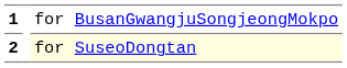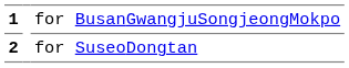 <table border="1" cellspacing="0" cellpadding="3" frame="hsides" rules="rows">
 <tr>
 <th>1</th>
 <td rowspan="3"></td>
 <td>for <a href='#'>Busan</a><a href='#'>GwangjuSongjeong</a><a href='#'>Mokpo</a></td>
 </tr>
 <tr>
 <th>2</th>
-<td style="background: lightyellow;">for <a href='#'>Suseo</a><a href='#'>Dongtan</a></td>
+<td>for <a href='#'>Suseo</a><a href='#'>Dongtan</a></td>
 </tr>
 </table>
